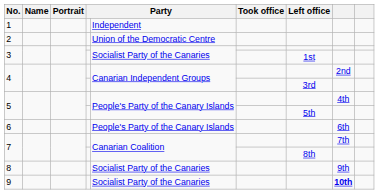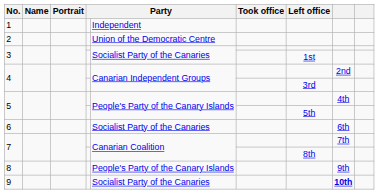 <table class="wikitable plainrowheaders sortable" style="font-size:90%; text-align:left;">
 <tr>
 <th scope=col>No.</th>
 <th scope=col>Name</th>
 <th scope=col class=unsortable>Portrait</th>
 <th scope=col colspan="2">Party</th>
 <th scope=col>Took office</th>
 <th scope=col>Left office</th>
 <th scope=col></th>
 <th scope=col width=25px class=unsortable></th>
 </tr>
 <tr>
 <td>1</td>
 <td style="white-space: nowrap;"></td>
 <td align=center></td>
 <td !align="center" style="background:"></td>
 <td><a href='#'>Independent</a></td>
 <td align=center></td>
 <td align=center></td>
 <td align=center></td>
 <td align=center></td>
 </tr>
 <tr>
 <td>2</td>
 <td style="white-space: nowrap;"></td>
 <td align=center></td>
 <td !align="center" style="background:"></td>
 <td><a href='#'>Union of the Democratic Centre</a></td>
 <td align=center></td>
 <td align=center></td>
 <td align=center></td>
 <td align=center></td>
 </tr>
 <tr>
 <td rowspan=2>3</td>
 <td style="white-space: nowrap;" rowspan=2></td>
 <td align=center rowspan=2></td>
 <td !align="center" style="background:"></td>
 <td rowspan=2><a href='#'>Socialist Party of the Canaries</a></td>
 <td align=center></td>
 <td align=center></td>
 <td align=center></td>
 <td align=center></td>
 </tr>
 <tr>
 <td align=center></td>
 <td align=center></td>
 <td align=center><a href='#'>1st</a></td>
 <td align=center></td>
 </tr>
 <tr>
 <td rowspan=2>4</td>
 <td style="white-space: nowrap;" rowspan=2></td>
 <td align=center rowspan=2></td>
 <td !align="center" style="background:"></td>
 <td rowspan=2><a href='#'>Canarian Independent Groups</a></td>
 <td align=center></td>
 <td align=center></td>
 <td align=center><a href='#'>2nd</a></td>
 <td align=center></td>
 </tr>
 <tr>
 <td align=center></td>
 <td align=center></td>
 <td align=center><a href='#'>3rd</a></td>
 <td align=center></td>
 </tr>
 <tr>
 <td rowspan=2>5</td>
 <td style="white-space: nowrap;" rowspan=2></td>
 <td align=center rowspan=2></td>
 <td !align="center" style="background:"></td>
 <td rowspan=2><a href='#'>People's Party of the Canary Islands</a></td>
 <td align=center></td>
 <td align=center></td>
 <td align=center><a href='#'>4th</a></td>
 <td align=center></td>
 </tr>
 <tr>
 <td align=center></td>
 <td align=center></td>
 <td align=center><a href='#'>5th</a></td>
 <td align=center></td>
 </tr>
 <tr>
 <td>6</td>
 <td style="white-space: nowrap;"></td>
 <td align=center></td>
 <td !align="center" style="background:"></td>
-<td><a href='#'>People's Party of the Canary Islands</a></td>
+<td><a href='#'>Socialist Party of the Canaries</a></td>
 <td align=center></td>
 <td align=center></td>
 <td align=center><a href='#'>6th</a></td>
 <td align=center></td>
 </tr>
 <tr>
 <td rowspan=2>7</td>
 <td style="white-space: nowrap;" rowspan=2></td>
 <td align=center rowspan=2></td>
 <td !align="center" style="background:"></td>
 <td rowspan=2><a href='#'>Canarian Coalition</a></td>
 <td align=center></td>
 <td align=center></td>
 <td align=center><a href='#'>7th</a></td>
 <td align=center></td>
 </tr>
 <tr>
 <td align=center></td>
 <td align=center></td>
 <td align=center><a href='#'>8th</a></td>
 <td align=center></td>
 </tr>
 <tr>
 <td>8</td>
 <td style="white-space: nowrap;"></td>
 <td align=center></td>
 <td !align="center" style="background:"></td>
-<td><a href='#'>Socialist Party of the Canaries</a></td>
+<td><a href='#'>People's Party of the Canary Islands</a></td>
 <td align=center></td>
 <td align=center></td>
 <td align=center><a href='#'>9th</a></td>
 <td align=center></td>
 </tr>
 <tr>
 <td>9</td>
 <td style="white-space: nowrap;"></td>
 <td align=center></td>
 <td !align="center" style="background:"></td>
 <td><a href='#'>Socialist Party of the Canaries</a></td>
 <td align=center></td>
 <td></td>
 <td align=center><strong><a href='#'>10th</a></strong></td>
 <td align=center></td>
 </tr>
 </table>
